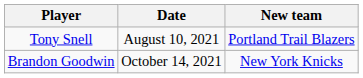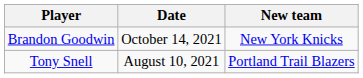 <table class="wikitable sortable sortable" style="text-align: center">
 <tr>
 <th>Player</th>
 <th>Date</th>
 <th>New team</th>
 </tr>
 <tr>
+<td><a href='#'>Brandon Goodwin</a></td>
+<td>October 14, 2021</td>
+<td><a href='#'>New York Knicks</a></td>
+</tr>
+<tr>
 <td><a href='#'>Tony Snell</a></td>
 <td>August 10, 2021</td>
 <td><a href='#'>Portland Trail Blazers</a></td>
 </tr>
-<tr>
-<td><a href='#'>Brandon Goodwin</a></td>
-<td>October 14, 2021</td>
-<td><a href='#'>New York Knicks</a></td>
-</tr>
 </table>
